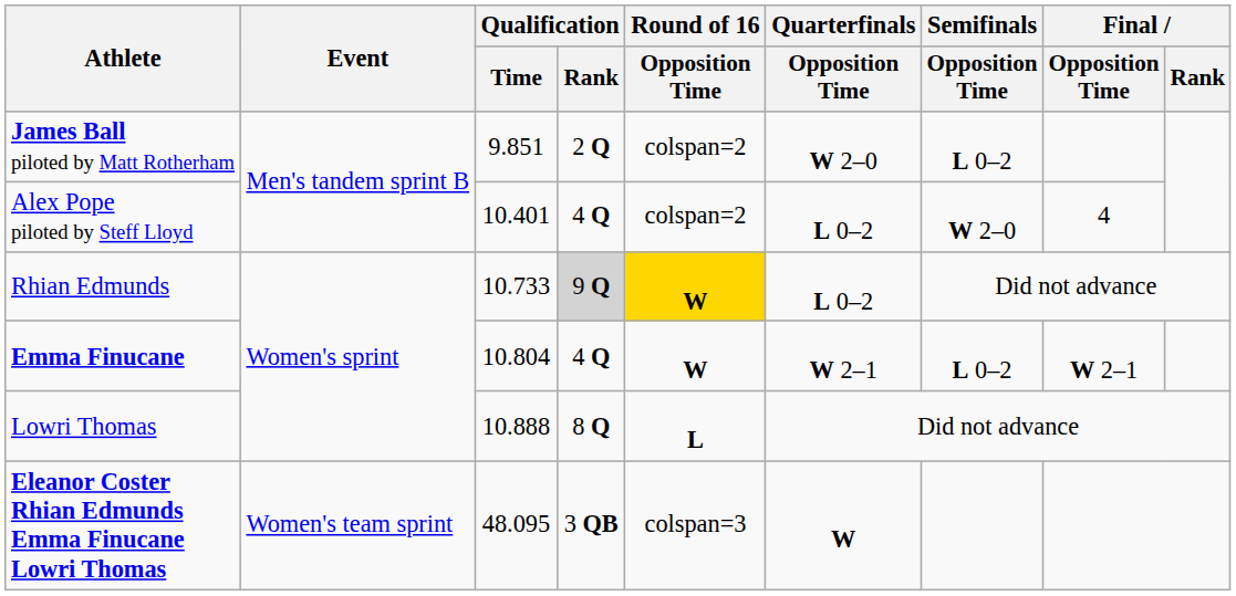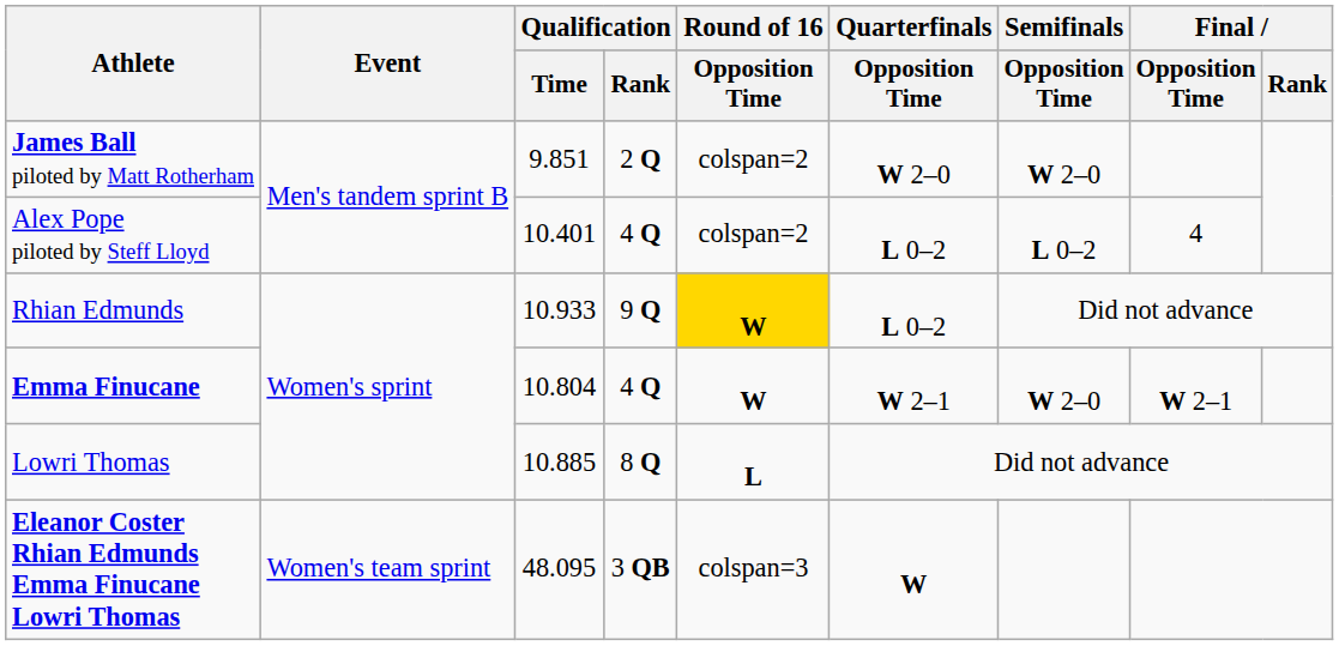 <table class="wikitable" style="font-size:90%; text-align:center">
 <tr>
 <th rowspan=2>Athlete</th>
 <th rowspan=2>Event</th>
 <th colspan=2>Qualification</th>
 <th>Round of 16</th>
 <th>Quarterfinals</th>
 <th>Semifinals</th>
 <th colspan=2>Final / </th>
 </tr>
 <tr style="font-size:95%">
 <th>Time</th>
 <th>Rank</th>
 <th>Opposition<br>Time</th>
 <th>Opposition<br>Time</th>
 <th>Opposition<br>Time</th>
 <th>Opposition<br>Time</th>
 <th>Rank</th>
 </tr>
 <tr>
 <td align=left><strong><a href='#'>James Ball</a></strong><br><small>piloted by <a href='#'>Matt Rotherham</a></small></td>
 <td align=left rowspan=2><a href='#'>Men's tandem sprint B</a></td>
 <td>9.851</td>
 <td>2 <strong>Q</strong></td>
 <td>colspan=2 </td>
 <td><br><strong>W</strong> 2–0</td>
-<td><br><strong>L</strong> 0–2</td>
+<td><br><strong>W</strong> 2–0</td>
 <td></td>
 </tr>
 <tr>
 <td align=left><a href='#'>Alex Pope</a><br><small>piloted by <a href='#'>Steff Lloyd</a></small></td>
 <td>10.401</td>
 <td>4 <strong>Q</strong></td>
 <td>colspan=2 </td>
 <td><br><strong>L</strong> 0–2</td>
-<td><br><strong>W</strong> 2–0</td>
+<td><br><strong>L</strong> 0–2</td>
 <td>4</td>
 </tr>
 <tr>
 <td align=left><a href='#'>Rhian Edmunds</a></td>
 <td align=left rowspan=3><a href='#'>Women's sprint</a></td>
-<td>10.733</td>
-<td style="background: lightgrey;">9 <strong>Q</strong></td>
+<td>10.933</td>
+<td>9 <strong>Q</strong></td>
 <td style="background: gold;"><br><strong>W</strong></td>
 <td><br><strong>L</strong> 0–2</td>
 <td colspan=3>Did not advance</td>
 </tr>
 <tr>
 <td align=left><strong><a href='#'>Emma Finucane</a></strong></td>
 <td>10.804</td>
 <td>4 <strong>Q</strong></td>
 <td><br><strong>W</strong></td>
 <td><br><strong>W</strong> 2–1</td>
-<td><br><strong>L</strong> 0–2</td>
+<td><br><strong>W</strong> 2–0</td>
 <td><br><strong>W</strong> 2–1</td>
 <td></td>
 </tr>
 <tr>
 <td align=left><a href='#'>Lowri Thomas</a></td>
-<td>10.888</td>
+<td>10.885</td>
 <td>8 <strong>Q</strong></td>
 <td><br><strong>L</strong></td>
 <td colspan=4>Did not advance</td>
 </tr>
 <tr>
 <td align=left><strong><a href='#'>Eleanor Coster</a><br><a href='#'>Rhian Edmunds</a><br><a href='#'>Emma Finucane</a><br><a href='#'>Lowri Thomas</a></strong></td>
 <td align=left><a href='#'>Women's team sprint</a></td>
 <td>48.095</td>
 <td>3 <strong>QB</strong></td>
 <td>colspan=3 </td>
 <td><br><strong>W</strong></td>
 <td></td>
 </tr>
 </table>
